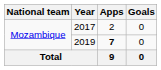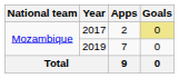 <table class="wikitable" style="text-align:center">
 <tr>
 <th>National team</th>
 <th>Year</th>
 <th>Apps</th>
 <th>Goals</th>
 </tr>
 <tr>
 <td rowspan="2"><a href='#'>Mozambique</a></td>
 <td>2017</td>
 <td>2</td>
-<td>0</td>
+<td style="background: khaki;">0</td>
 </tr>
 <tr>
 <td>2019</td>
-<td><strong>7</strong></td>
+<td>7</td>
 <td>0</td>
 </tr>
 <tr>
 <th colspan=2>Total</th>
 <th>9</th>
 <th>0</th>
 </tr>
 </table>
